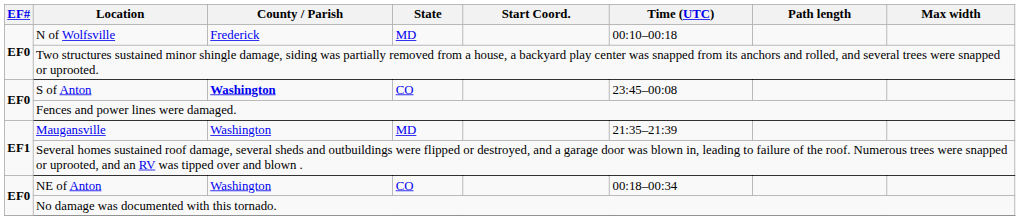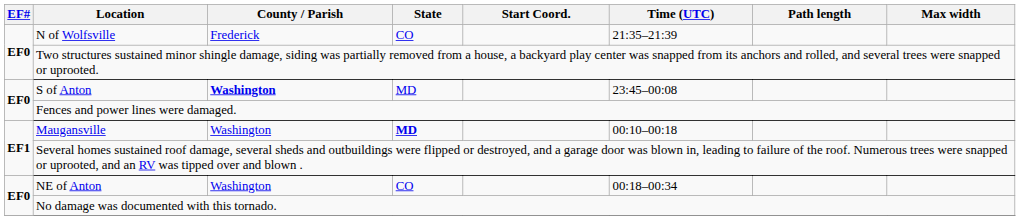 <table class="wikitable sortable" style="width:100%;">
 <tr>
 <th scope="col" width="2%" align="center"><a href='#'>EF#</a></th>
 <th scope="col" align="center" class="unsortable">Location</th>
 <th scope="col" align="center" class="unsortable">County / Parish</th>
 <th scope="col" align="center">State</th>
 <th scope="col" align="center" data-sort-type="number">Start Coord.</th>
 <th scope="col" align="center" data-sort-type="number">Time (<a href='#'>UTC</a>)</th>
 <th scope="col" align="center" data-sort-type="number">Path length</th>
 <th scope="col" align="center" data-sort-type="number">Max width</th>
 </tr>
 <tr>
 <td rowspan="2" align="center"><strong>EF0</strong></td>
 <td>N of <a href='#'>Wolfsville</a></td>
 <td><a href='#'>Frederick</a></td>
-<td><a href='#'>MD</a></td>
+<td><a href='#'>CO</a></td>
 <td></td>
-<td>00:10–00:18</td>
+<td>21:35–21:39</td>
 <td></td>
 <td></td>
 </tr>
 <tr class="expand-child">
 <td colspan="8" style=" border-bottom: 1px solid black;">Two structures sustained minor shingle damage, siding was partially removed from a house, a backyard play center was snapped from its anchors and rolled, and several trees were snapped or uprooted.</td>
 </tr>
 <tr>
 <td rowspan="2" align="center"><strong>EF0</strong></td>
 <td>S of <a href='#'>Anton</a></td>
 <td><strong><a href='#'>Washington</a></strong></td>
-<td><a href='#'>CO</a></td>
+<td><a href='#'>MD</a></td>
 <td></td>
 <td>23:45–00:08</td>
 <td></td>
 <td></td>
 </tr>
 <tr class="expand-child">
 <td colspan="8" style=" border-bottom: 1px solid black;">Fences and power lines were damaged.</td>
 </tr>
 <tr>
 <td rowspan="2" align="center"><strong>EF1</strong></td>
 <td><a href='#'>Maugansville</a></td>
 <td><a href='#'>Washington</a></td>
-<td><a href='#'>MD</a></td>
+<td><strong><a href='#'>MD</a></strong></td>
 <td></td>
-<td>21:35–21:39</td>
+<td>00:10–00:18</td>
 <td></td>
 <td></td>
 </tr>
 <tr class="expand-child">
 <td colspan="8" style=" border-bottom: 1px solid black;">Several homes sustained roof damage, several sheds and outbuildings were flipped or destroyed, and a garage door was blown in, leading to failure of the roof. Numerous trees were snapped or uprooted, and an <a href='#'>RV</a> was tipped over and blown .</td>
 </tr>
 <tr>
 <td rowspan="2" align="center"><strong>EF0</strong></td>
 <td>NE of <a href='#'>Anton</a></td>
 <td><a href='#'>Washington</a></td>
 <td><a href='#'>CO</a></td>
 <td></td>
 <td>00:18–00:34</td>
 <td></td>
 <td></td>
 </tr>
 <tr class="expand-child">
 <td colspan="8" style=" border-bottom: 1px solid black;">No damage was documented with this tornado.</td>
 </tr>
 <tr>
 </tr>
 </table>
